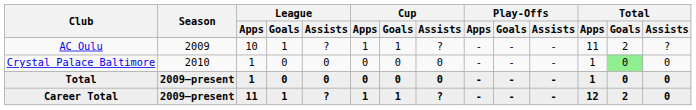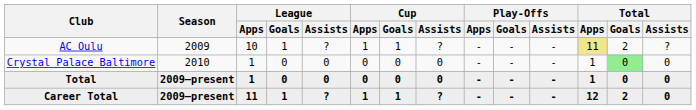 <table class="wikitable" style="text-align: center;">
 <tr>
 <th rowspan=2>Club</th>
 <th rowspan=2>Season</th>
 <th colspan=3>League</th>
 <th colspan=3>Cup</th>
 <th colspan=3>Play-Offs</th>
 <th colspan=3>Total</th>
 </tr>
 <tr>
 <th>Apps</th>
 <th>Goals</th>
 <th>Assists</th>
 <th>Apps</th>
 <th>Goals</th>
 <th>Assists</th>
 <th>Apps</th>
 <th>Goals</th>
 <th>Assists</th>
 <th>Apps</th>
 <th>Goals</th>
 <th>Assists</th>
 </tr>
 <tr>
 <td style="vertical-align:top;"><a href='#'>AC Oulu</a></td>
 <td>2009</td>
 <td>10</td>
 <td>1</td>
 <td>?</td>
 <td>1</td>
 <td>1</td>
 <td>?</td>
 <td>-</td>
 <td>-</td>
 <td>-</td>
-<td>11</td>
+<td style="background: khaki;">11</td>
 <td>2</td>
 <td>?</td>
 </tr>
 <tr>
 <td><a href='#'>Crystal Palace Baltimore</a></td>
 <td>2010</td>
 <td>1</td>
 <td>0</td>
 <td>0</td>
 <td>0</td>
 <td>0</td>
 <td>0</td>
 <td>-</td>
 <td>-</td>
 <td>-</td>
 <td>1</td>
 <td style="background: lightgreen;">0</td>
 <td>0</td>
 </tr>
 <tr style="font-weight:bold; background:#eee;">
 <td><strong>Total</strong></td>
 <td>2009–present</td>
 <td>1</td>
 <td>0</td>
 <td>0</td>
 <td>0</td>
 <td>0</td>
 <td>0</td>
 <td>-</td>
 <td>-</td>
 <td>-</td>
 <td>1</td>
 <td>0</td>
 <td>0</td>
 </tr>
 <tr style="font-weight:bold; background:#eee;">
 <td><strong>Career Total</strong></td>
 <td>2009–present</td>
 <td>11</td>
 <td>1</td>
 <td>?</td>
 <td>1</td>
 <td>1</td>
 <td>?</td>
 <td>-</td>
 <td>-</td>
 <td>-</td>
 <td>12</td>
 <td>2</td>
 <td>0</td>
 </tr>
 </table>
